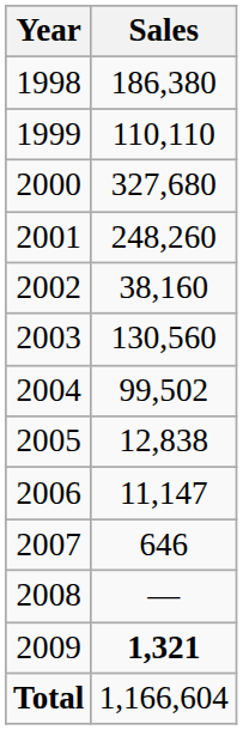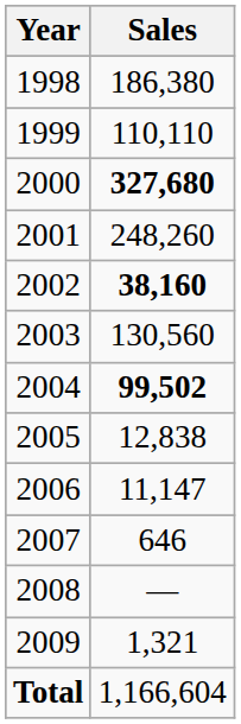 <table class="wikitable">
 <tr>
 <th>Year</th>
 <th>Sales</th>
 </tr>
 <tr align="center">
 <td>1998</td>
 <td>186,380</td>
 </tr>
 <tr align="center">
 <td>1999</td>
 <td>110,110</td>
 </tr>
 <tr align="center">
 <td>2000</td>
-<td>327,680</td>
+<td><strong>327,680</strong></td>
 </tr>
 <tr align="center">
 <td>2001</td>
 <td>248,260</td>
 </tr>
 <tr align="center">
 <td>2002</td>
-<td>38,160</td>
+<td><strong>38,160</strong></td>
 </tr>
 <tr align="center">
 <td>2003</td>
 <td>130,560</td>
 </tr>
 <tr align="center">
 <td>2004</td>
-<td>99,502</td>
+<td><strong>99,502</strong></td>
 </tr>
 <tr align="center">
 <td>2005</td>
 <td>12,838</td>
 </tr>
 <tr align="center">
 <td>2006</td>
 <td>11,147</td>
 </tr>
 <tr align="center">
 <td>2007</td>
 <td>646</td>
 </tr>
 <tr align="center">
 <td>2008</td>
 <td>—</td>
 </tr>
 <tr align="center">
 <td>2009</td>
-<td><strong>1,321</strong></td>
+<td>1,321</td>
 </tr>
 <tr align="center">
 <td><strong>Total</strong></td>
 <td>1,166,604</td>
 </tr>
 </table>
